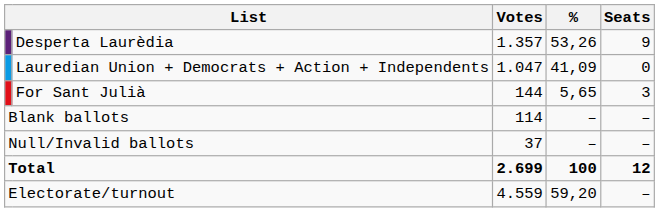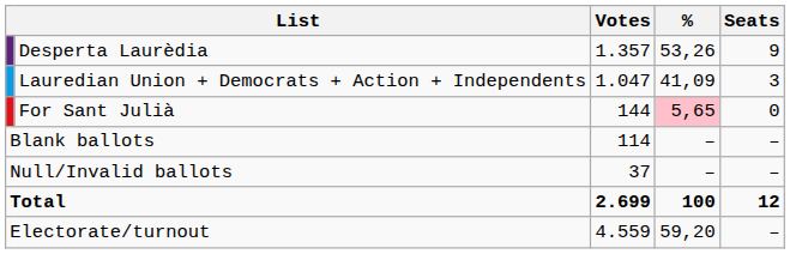 <table class="wikitable" style="text-align:right">
 <tr>
 <th colspan="2">List</th>
 <th>Votes</th>
 <th>%</th>
 <th>Seats</th>
 </tr>
 <tr>
 <td bgcolor="#5c2179"></td>
 <td align="left">Desperta Laurèdia</td>
 <td>1.357</td>
 <td>53,26</td>
 <td>9</td>
 </tr>
 <tr>
 <td bgcolor="#0a9be5"></td>
 <td align="left">Lauredian Union + Democrats + Action + Independents</td>
 <td>1.047</td>
 <td>41,09</td>
-<td>0</td>
+<td>3</td>
 </tr>
 <tr>
 <td bgcolor="#E21019"></td>
 <td align="left">For Sant Julià</td>
 <td>144</td>
-<td>5,65</td>
-<td>3</td>
+<td style="background: pink;">5,65</td>
+<td>0</td>
 </tr>
 <tr>
 <td colspan="2" align="left">Blank ballots</td>
 <td>114</td>
 <td>–</td>
 <td>–</td>
 </tr>
 <tr>
 <td colspan="2" align="left">Null/Invalid ballots</td>
 <td>37</td>
 <td>–</td>
 <td>–</td>
 </tr>
 <tr>
 <td colspan="2" align="left"><strong>Total</strong></td>
 <td><strong>2.699</strong></td>
 <td><strong>100</strong></td>
 <td><strong>12</strong></td>
 </tr>
 <tr>
 <td colspan="2" align="left">Electorate/turnout</td>
 <td>4.559</td>
 <td>59,20</td>
 <td>–</td>
 </tr>
 </table>
